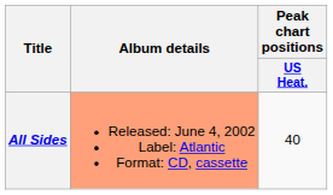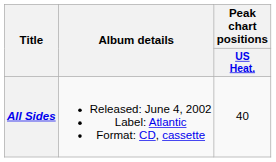 <table class="wikitable plainrowheaders" style="text-align:center;">
 <tr>
 <th rowspan="2">Title</th>
 <th rowspan="2">Album details</th>
 <th>Peak chart positions</th>
 </tr>
 <tr>
 <th scope="col" style="width:3em;font-size:90%;"><a href='#'>US<br>Heat.</a></th>
 </tr>
 <tr>
 <th scope="row"><em><a href='#'>All Sides</a></em></th>
-<td style="background: lightsalmon;"><br><ul><li>Released: June 4, 2002</li><li>Label: <a href='#'>Atlantic</a></li><li>Format:  <a href='#'>CD</a>, <a href='#'>cassette</a></li></ul></td>
+<td><br><ul><li>Released: June 4, 2002</li><li>Label: <a href='#'>Atlantic</a></li><li>Format:  <a href='#'>CD</a>, <a href='#'>cassette</a></li></ul></td>
 <td>40</td>
 </tr>
 </table>
